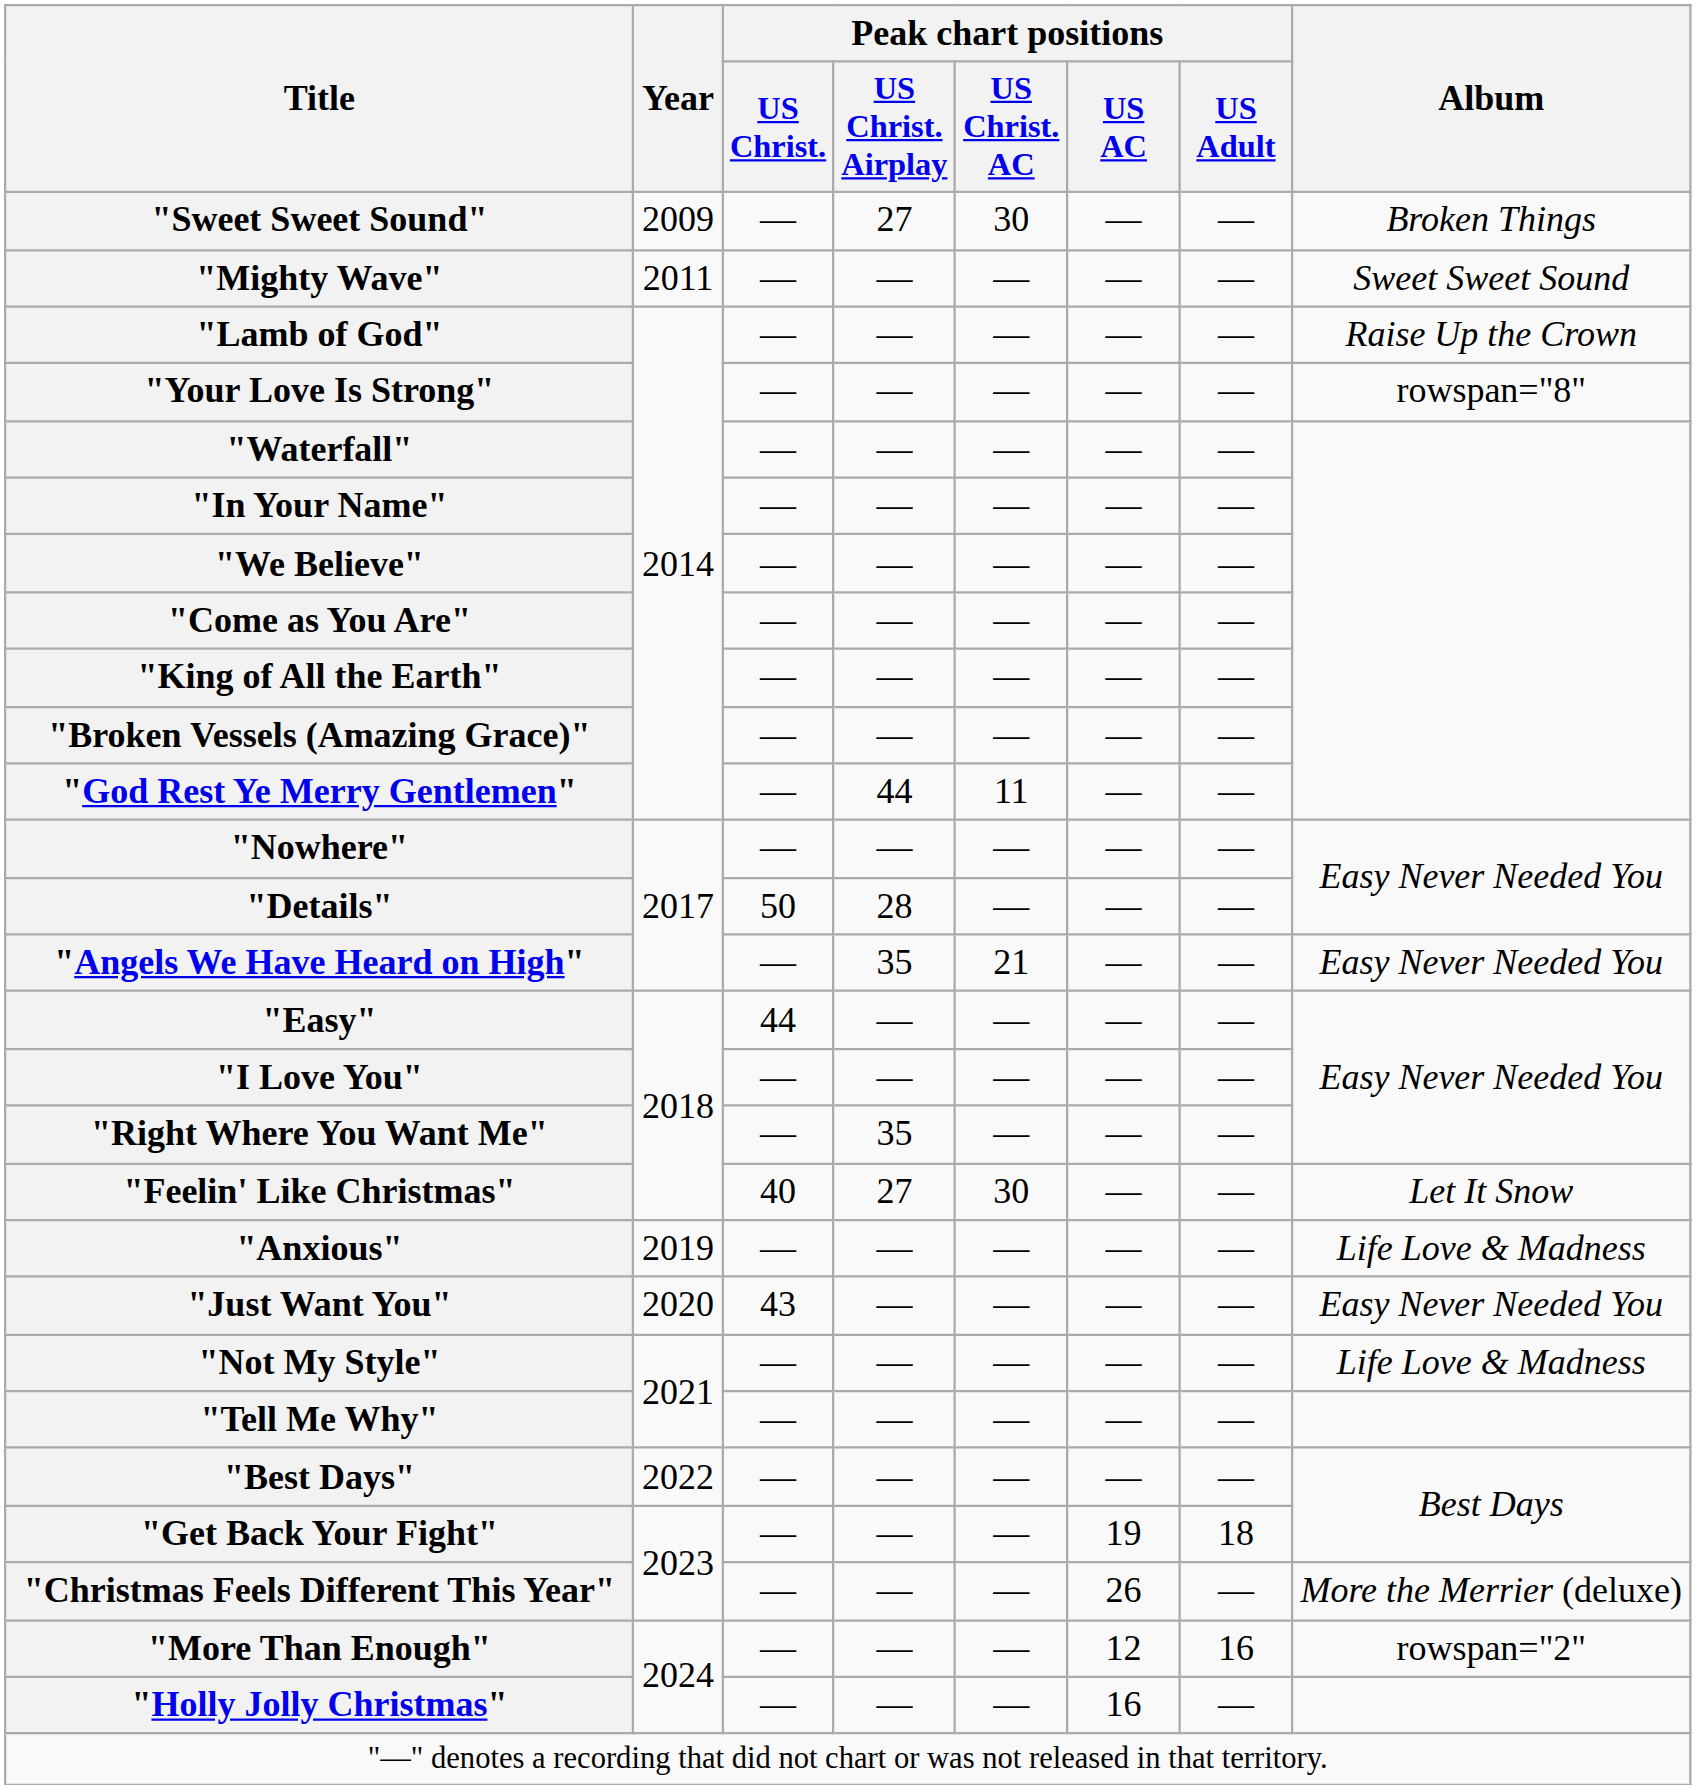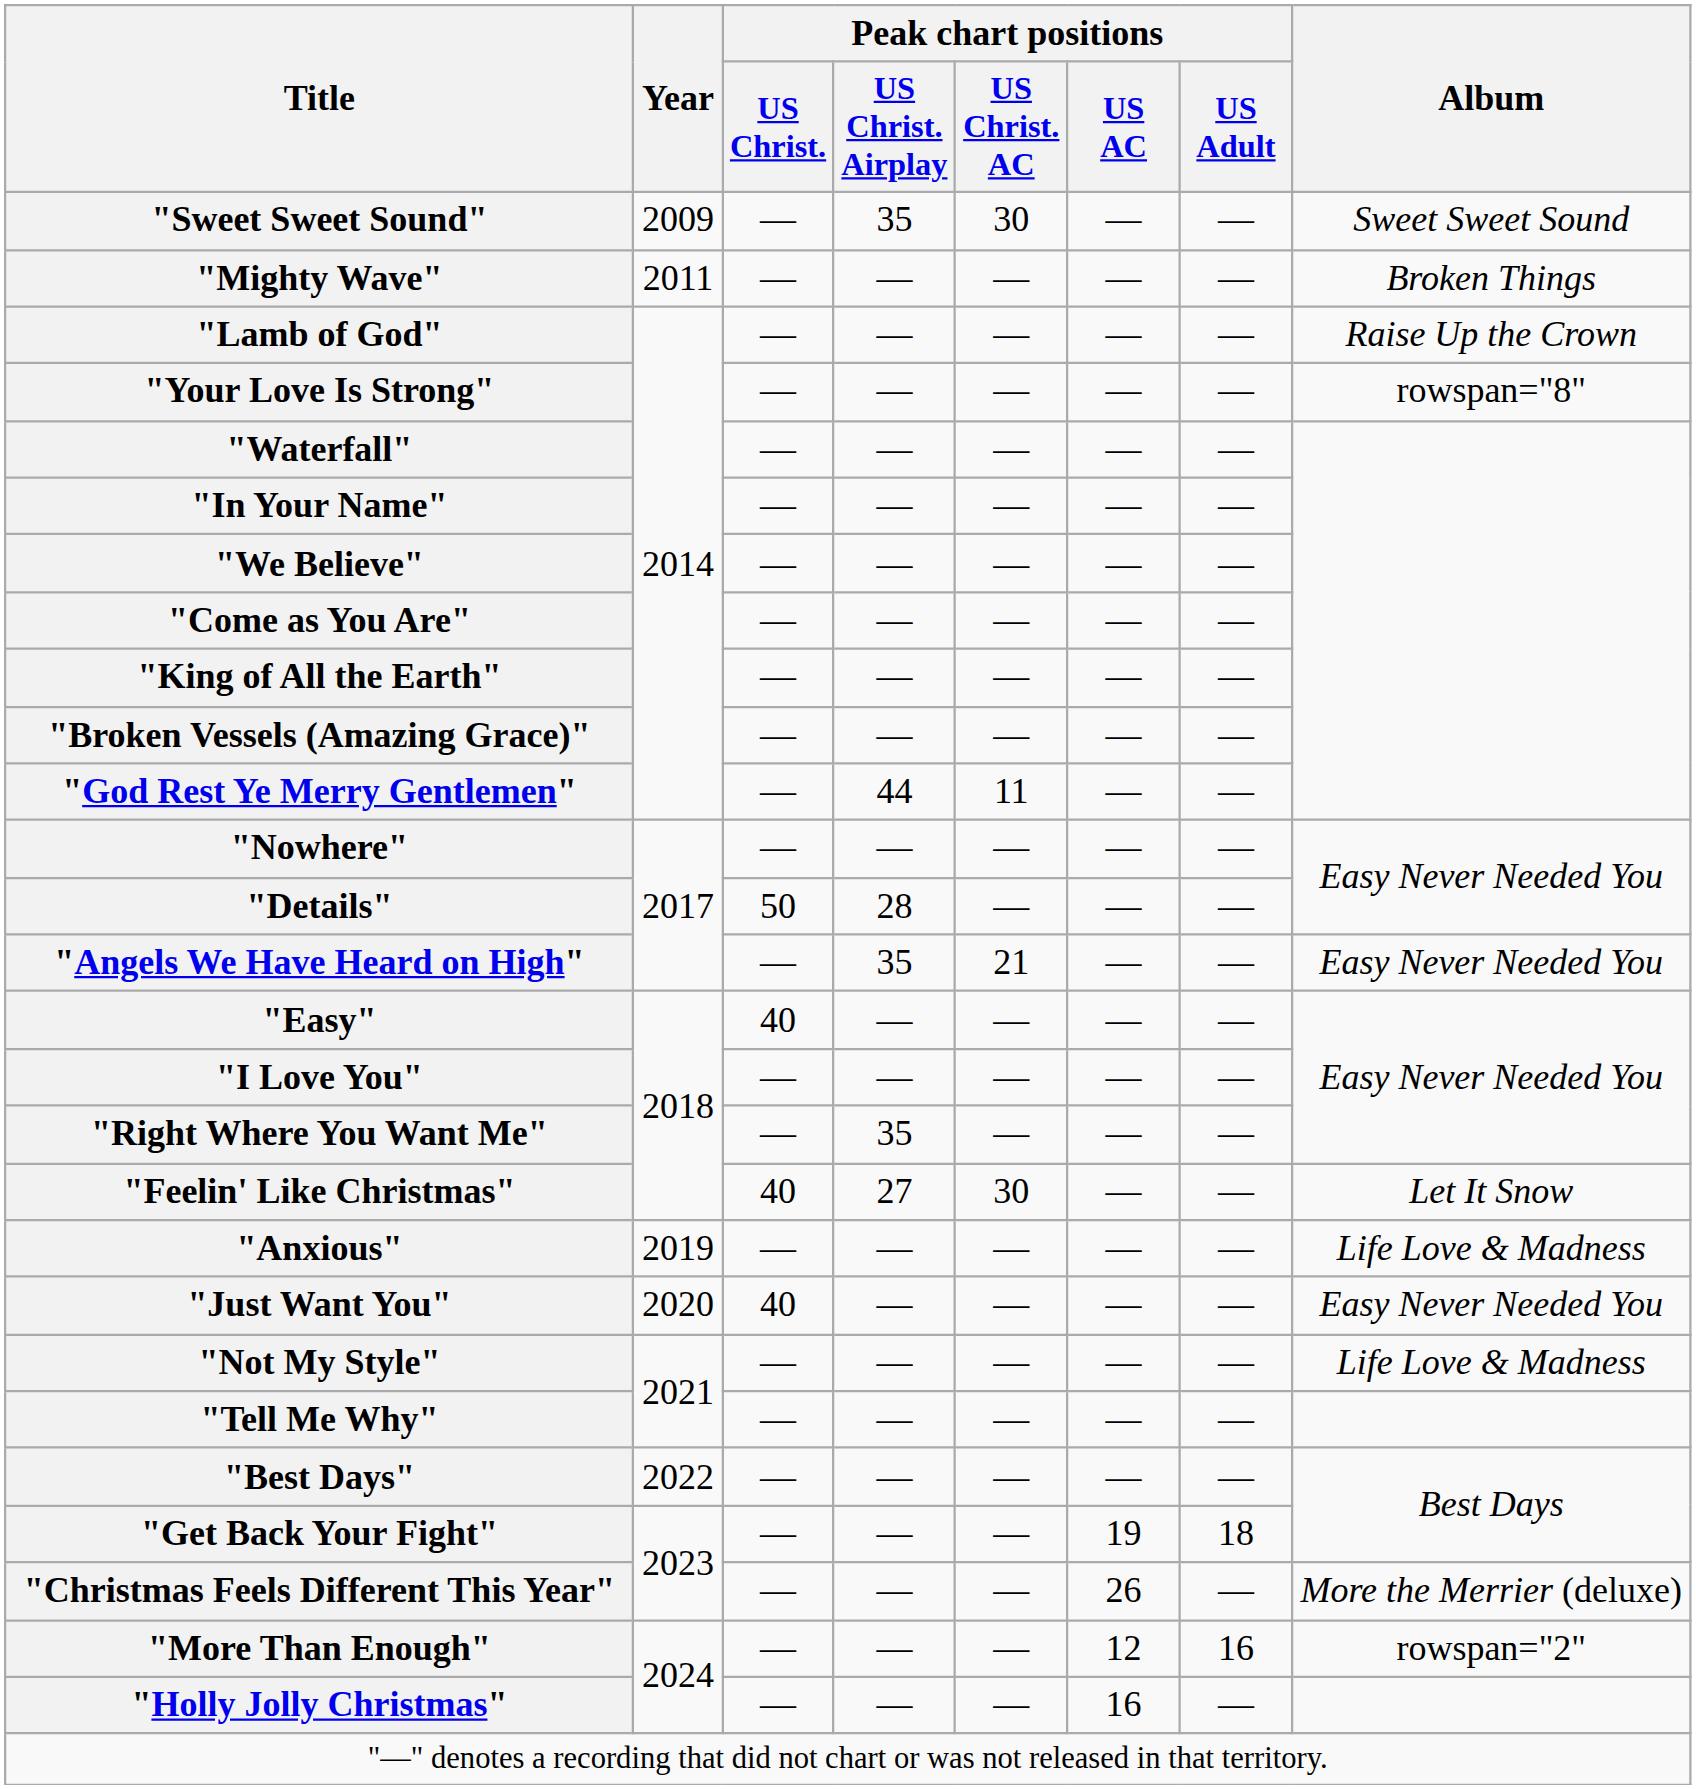 <table class="wikitable plainrowheaders" style="text-align:center;">
 <tr>
 <th scope="col" rowspan="2" style="width:17em;">Title</th>
 <th scope="col" rowspan="2">Year</th>
 <th scope="col" colspan="5">Peak chart positions</th>
 <th scope="col" rowspan="2">Album</th>
 </tr>
 <tr>
 <th scope="col" style="width:2.5em;font-size:90%;"><a href='#'>US<br>Christ.</a><br></th>
 <th scope="col" style="width:3em;font-size:90%;"><a href='#'>US<br>Christ.<br>Airplay</a><br></th>
 <th scope="col" style="width:3em;font-size:90%;"><a href='#'>US<br>Christ. AC</a><br></th>
 <th scope="col" style="width:3em;font-size:90%;"><a href='#'>US<br>AC</a><br></th>
 <th scope="col" style="width:3em;font-size:90%;"><a href='#'>US<br>Adult</a><br></th>
 </tr>
 <tr>
 <th scope="row">"Sweet Sweet Sound"</th>
 <td>2009</td>
 <td>—</td>
-<td>27</td>
+<td>35</td>
 <td>30</td>
 <td>—</td>
 <td>—</td>
-<td><em>Broken Things</em></td>
+<td><em>Sweet Sweet Sound</em></td>
 </tr>
 <tr>
 <th scope="row">"Mighty Wave"</th>
 <td>2011</td>
 <td>—</td>
 <td>—</td>
 <td>—</td>
 <td>—</td>
 <td>—</td>
-<td><em>Sweet Sweet Sound</em></td>
+<td><em>Broken Things</em></td>
 </tr>
 <tr>
 <th scope="row">"Lamb of God"</th>
 <td rowspan="9">2014</td>
 <td>—</td>
 <td>—</td>
 <td>—</td>
 <td>—</td>
 <td>—</td>
 <td><em>Raise Up the Crown</em></td>
 </tr>
 <tr>
 <th scope="row">"Your Love Is Strong"</th>
 <td>—</td>
 <td>—</td>
 <td>—</td>
 <td>—</td>
 <td>—</td>
 <td>rowspan="8" </td>
 </tr>
 <tr>
 <th scope="row">"Waterfall"</th>
 <td>—</td>
 <td>—</td>
 <td>—</td>
 <td>—</td>
 <td>—</td>
 </tr>
 <tr>
 <th scope="row">"In Your Name"</th>
 <td>—</td>
 <td>—</td>
 <td>—</td>
 <td>—</td>
 <td>—</td>
 </tr>
 <tr>
 <th scope="row">"We Believe"</th>
 <td>—</td>
 <td>—</td>
 <td>—</td>
 <td>—</td>
 <td>—</td>
 </tr>
 <tr>
 <th scope="row">"Come as You Are"</th>
 <td>—</td>
 <td>—</td>
 <td>—</td>
 <td>—</td>
 <td>—</td>
 </tr>
 <tr>
 <th scope="row">"King of All the Earth"</th>
 <td>—</td>
 <td>—</td>
 <td>—</td>
 <td>—</td>
 <td>—</td>
 </tr>
 <tr>
 <th scope="row">"Broken Vessels (Amazing Grace)"</th>
 <td>—</td>
 <td>—</td>
 <td>—</td>
 <td>—</td>
 <td>—</td>
 </tr>
 <tr>
 <th scope="row">"<a href='#'>God Rest Ye Merry Gentlemen</a>"</th>
 <td>—</td>
 <td>44</td>
 <td>11</td>
 <td>—</td>
 <td>—</td>
 </tr>
 <tr>
 <th scope="row">"Nowhere"</th>
 <td rowspan="3">2017</td>
 <td>—</td>
 <td>—</td>
 <td>—</td>
 <td>—</td>
 <td>—</td>
 <td rowspan="2"><em>Easy Never Needed You</em></td>
 </tr>
 <tr>
 <th scope="row">"Details"</th>
 <td>50</td>
 <td>28</td>
 <td>—</td>
 <td>—</td>
 <td>—</td>
 </tr>
 <tr>
 <th scope="row">"<a href='#'>Angels We Have Heard on High</a>"</th>
 <td>—</td>
 <td>35</td>
 <td>21</td>
 <td>—</td>
 <td>—</td>
 <td><em>Easy Never Needed You</em></td>
 </tr>
 <tr>
 <th scope="row">"Easy"</th>
 <td rowspan="4">2018</td>
-<td>44</td>
+<td>40</td>
 <td>—</td>
 <td>—</td>
 <td>—</td>
 <td>—</td>
 <td rowspan="3"><em>Easy Never Needed You</em></td>
 </tr>
 <tr>
 <th scope="row">"I Love You"<br></th>
 <td>—</td>
 <td>—</td>
 <td>—</td>
 <td>—</td>
 <td>—</td>
 </tr>
 <tr>
 <th scope="row">"Right Where You Want Me"</th>
 <td>—</td>
 <td>35</td>
 <td>—</td>
 <td>—</td>
 <td>—</td>
 </tr>
 <tr>
 <th scope="row">"Feelin' Like Christmas"</th>
 <td>40</td>
 <td>27</td>
 <td>30</td>
 <td>—</td>
 <td>—</td>
 <td><em>Let It Snow</em></td>
 </tr>
 <tr>
 <th scope="row">"Anxious"</th>
 <td>2019</td>
 <td>—</td>
 <td>—</td>
 <td>—</td>
 <td>—</td>
 <td>—</td>
 <td><em>Life Love & Madness</em></td>
 </tr>
 <tr>
 <th scope="row">"Just Want You"</th>
 <td>2020</td>
-<td>43</td>
+<td>40</td>
 <td>—</td>
 <td>—</td>
 <td>—</td>
 <td>—</td>
 <td><em>Easy Never Needed You</em></td>
 </tr>
 <tr>
 <th scope="row">"Not My Style"</th>
 <td rowspan="2">2021</td>
 <td>—</td>
 <td>—</td>
 <td>—</td>
 <td>—</td>
 <td>—</td>
 <td><em>Life Love & Madness</em></td>
 </tr>
 <tr>
 <th scope="row">"Tell Me Why"<br></th>
 <td>—</td>
 <td>—</td>
 <td>—</td>
 <td>—</td>
 <td>—</td>
 <td></td>
 </tr>
 <tr>
 <th scope="row">"Best Days"</th>
 <td>2022</td>
 <td>—</td>
 <td>—</td>
 <td>—</td>
 <td>—</td>
 <td>—</td>
 <td rowspan="2"><em>Best Days</em></td>
 </tr>
 <tr>
 <th scope="row">"Get Back Your Fight"</th>
 <td rowspan="2">2023</td>
 <td>—</td>
 <td>—</td>
 <td>—</td>
 <td>19</td>
 <td>18</td>
 </tr>
 <tr>
 <th scope="row">"Christmas Feels Different This Year"</th>
 <td>—</td>
 <td>—</td>
 <td>—</td>
 <td>26</td>
 <td>—</td>
 <td><em>More the Merrier</em> (deluxe)</td>
 </tr>
 <tr>
 <th scope="row">"More Than Enough"</th>
 <td rowspan="2">2024</td>
 <td>—</td>
 <td>—</td>
 <td>—</td>
 <td>12</td>
 <td>16</td>
 <td>rowspan="2" </td>
 </tr>
 <tr>
 <th scope="row">"<a href='#'>Holly Jolly Christmas</a>"</th>
 <td>—</td>
 <td>—</td>
 <td>—</td>
 <td>16</td>
 <td>—</td>
 </tr>
 <tr>
 <td colspan="16" style="font-size:85%;">"—" denotes a recording that did not chart or was not released in that territory.</td>
 </tr>
 </table>
